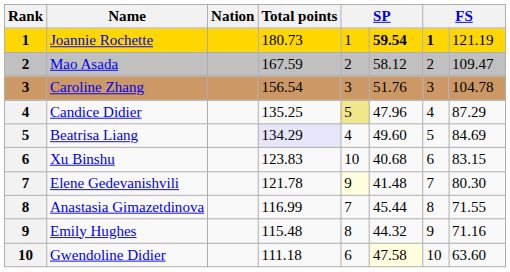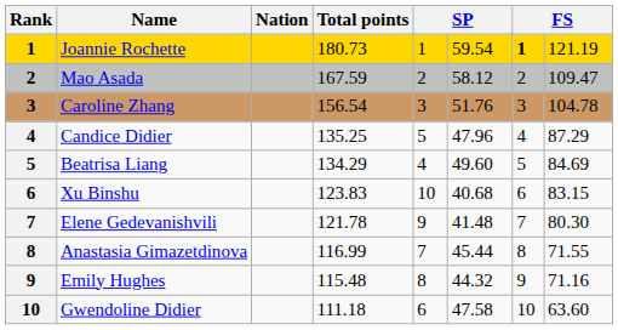 <table class="wikitable">
 <tr>
 <th>Rank</th>
 <th>Name</th>
 <th>Nation</th>
 <th>Total points</th>
 <th colspan="2" width="80px"><a href='#'>SP</a></th>
 <th colspan="2" width="80px"><a href='#'>FS</a></th>
 </tr>
 <tr bgcolor="gold">
 <td align="center"><strong>1</strong></td>
 <td><a href='#'>Joannie Rochette</a></td>
 <td></td>
 <td>180.73</td>
 <td>1</td>
-<td><strong>59.54</strong></td>
+<td>59.54</td>
 <td><strong>1</strong></td>
 <td>121.19</td>
 </tr>
 <tr bgcolor="silver">
 <td align="center"><strong>2</strong></td>
 <td><a href='#'>Mao Asada</a></td>
 <td></td>
 <td>167.59</td>
 <td>2</td>
 <td>58.12</td>
 <td>2</td>
 <td>109.47</td>
 </tr>
 <tr bgcolor="cc9966">
 <td align="center"><strong>3</strong></td>
 <td><a href='#'>Caroline Zhang</a></td>
 <td></td>
 <td>156.54</td>
 <td>3</td>
 <td>51.76</td>
 <td>3</td>
 <td>104.78</td>
 </tr>
 <tr>
 <th>4</th>
 <td><a href='#'>Candice Didier</a></td>
 <td></td>
 <td>135.25</td>
-<td style="background: khaki;">5</td>
+<td>5</td>
 <td>47.96</td>
 <td>4</td>
 <td>87.29</td>
 </tr>
 <tr>
 <th>5</th>
 <td><a href='#'>Beatrisa Liang</a></td>
 <td></td>
-<td style="background: lavender;">134.29</td>
+<td>134.29</td>
 <td>4</td>
 <td>49.60</td>
 <td>5</td>
 <td>84.69</td>
 </tr>
 <tr>
 <th>6</th>
 <td><a href='#'>Xu Binshu</a></td>
 <td></td>
 <td>123.83</td>
 <td>10</td>
 <td>40.68</td>
 <td>6</td>
 <td>83.15</td>
 </tr>
 <tr>
 <th>7</th>
 <td><a href='#'>Elene Gedevanishvili</a></td>
 <td></td>
 <td>121.78</td>
-<td style="background: lightyellow;">9</td>
+<td>9</td>
 <td>41.48</td>
 <td>7</td>
 <td>80.30</td>
 </tr>
 <tr>
 <th>8</th>
 <td><a href='#'>Anastasia Gimazetdinova</a></td>
 <td></td>
 <td>116.99</td>
 <td>7</td>
 <td>45.44</td>
 <td>8</td>
 <td>71.55</td>
 </tr>
 <tr>
 <th>9</th>
 <td><a href='#'>Emily Hughes</a></td>
 <td></td>
 <td>115.48</td>
 <td>8</td>
 <td>44.32</td>
 <td>9</td>
 <td>71.16</td>
 </tr>
 <tr>
 <th>10</th>
 <td><a href='#'>Gwendoline Didier</a></td>
 <td></td>
 <td>111.18</td>
 <td>6</td>
-<td style="background: lightyellow;">47.58</td>
+<td>47.58</td>
 <td>10</td>
 <td>63.60</td>
 </tr>
 </table>
